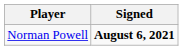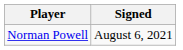 <table class="wikitable sortable sortable" style="text-align: center">
 <tr>
 <th>Player</th>
 <th>Signed</th>
 </tr>
 <tr>
 <td><a href='#'>Norman Powell</a></td>
-<td><strong>August 6, 2021</strong></td>
+<td>August 6, 2021</td>
 </tr>
 </table>
